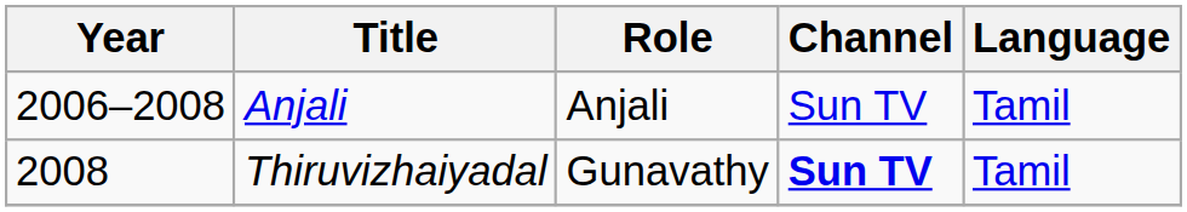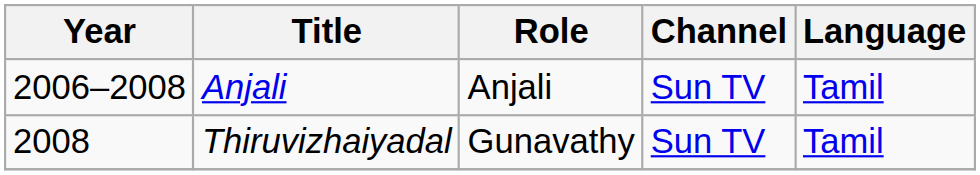 <table class="wikitable">
 <tr>
 <th>Year</th>
 <th>Title</th>
 <th>Role</th>
 <th>Channel</th>
 <th>Language</th>
 </tr>
 <tr>
 <td>2006–2008</td>
 <td><em><a href='#'>Anjali</a></em></td>
 <td>Anjali</td>
 <td><a href='#'>Sun TV</a></td>
 <td><a href='#'>Tamil</a></td>
 </tr>
 <tr>
 <td>2008</td>
 <td><em>Thiruvizhaiyadal</em></td>
 <td>Gunavathy</td>
-<td><strong><a href='#'>Sun TV</a></strong></td>
+<td><a href='#'>Sun TV</a></td>
 <td><a href='#'>Tamil</a></td>
 </tr>
 <tr>
 </tr>
 </table>
